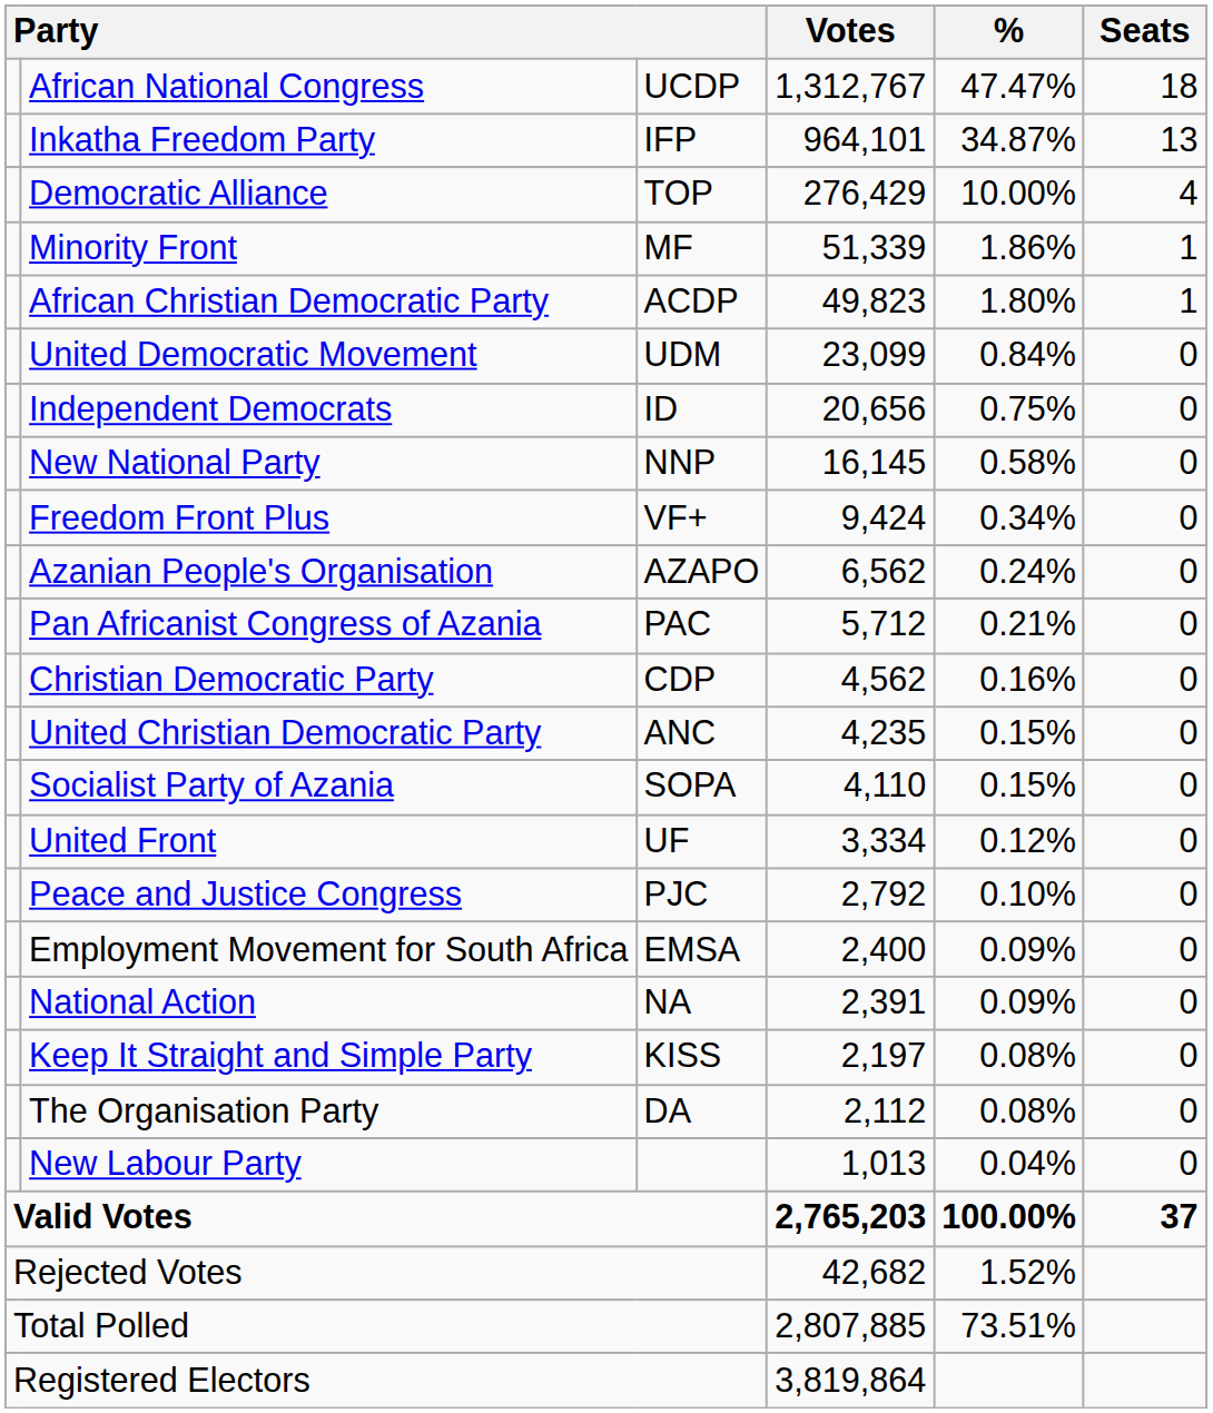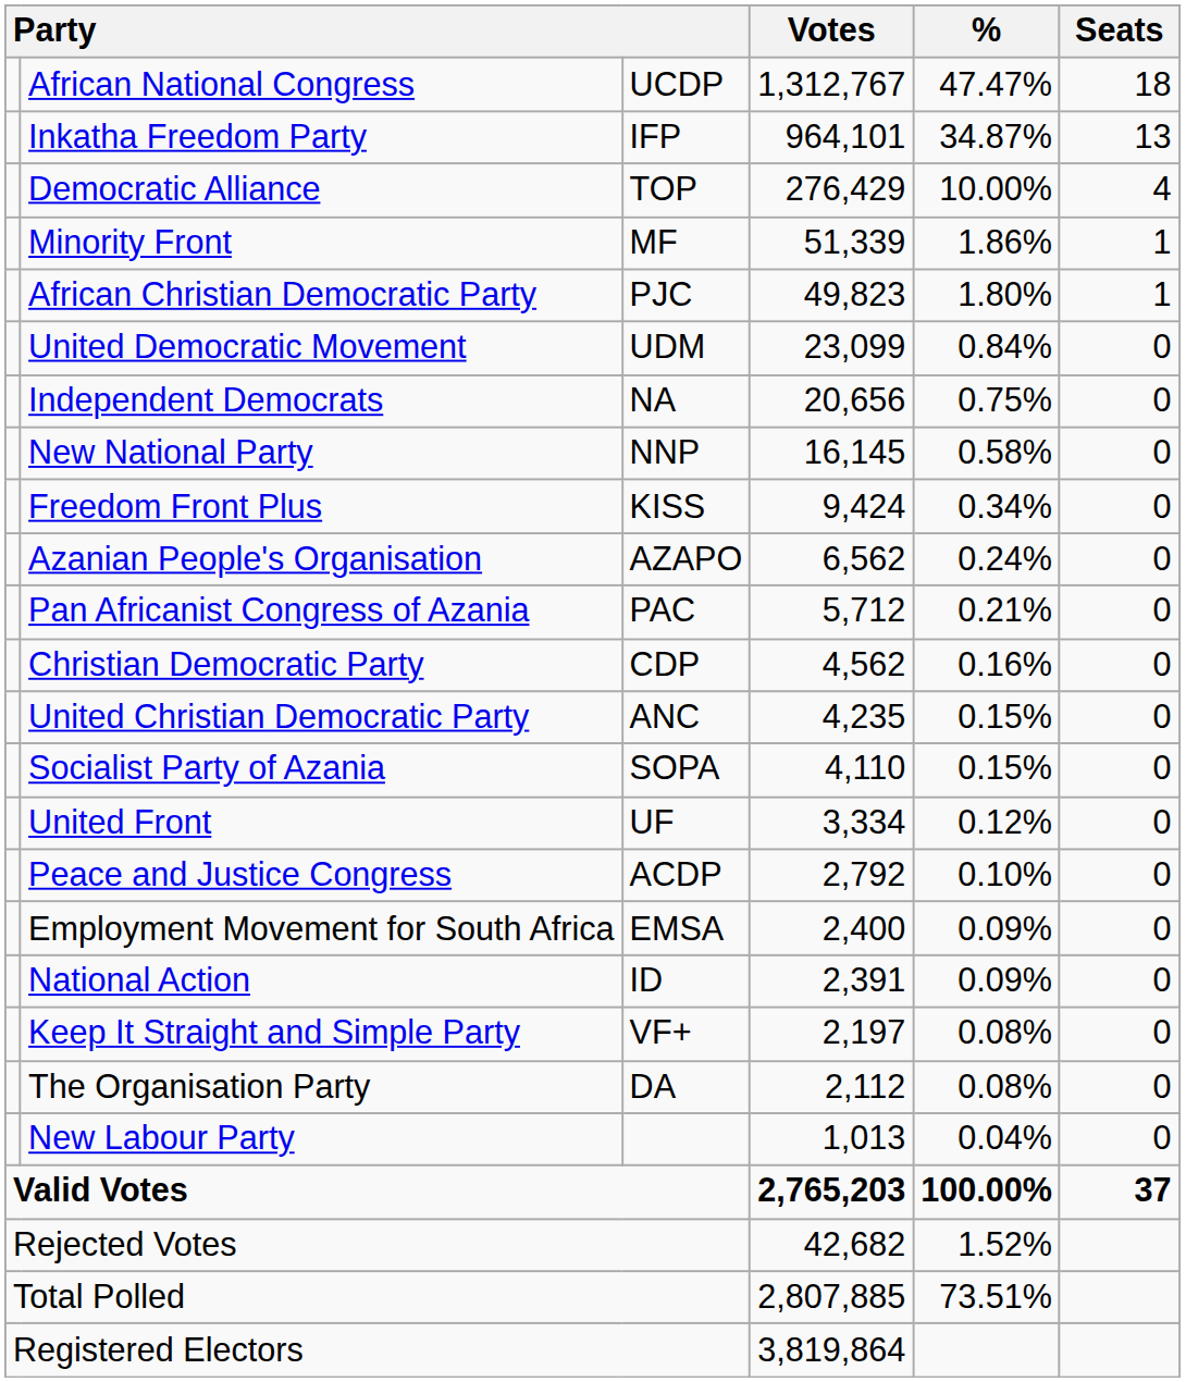 <table class="wikitable" border="1" style="text-align:right">
 <tr>
 <th style="text-align:left;" colspan=3>Party</th>
 <th align=center width="50">Votes</th>
 <th align=center width="50">%</th>
 <th align=center width="50">Seats</th>
 </tr>
 <tr>
 <td style="background:"></td>
 <td align=left><a href='#'>African National Congress</a></td>
 <td align=left>UCDP</td>
 <td>1,312,767</td>
 <td>47.47%</td>
 <td>18</td>
 </tr>
 <tr>
 <td style="background:"></td>
 <td align=left><a href='#'>Inkatha Freedom Party</a></td>
 <td align=left>IFP</td>
 <td>964,101</td>
 <td>34.87%</td>
 <td>13</td>
 </tr>
 <tr>
 <td style="background:"></td>
 <td align=left><a href='#'>Democratic Alliance</a></td>
 <td align=left>TOP</td>
 <td>276,429</td>
 <td>10.00%</td>
 <td>4</td>
 </tr>
 <tr>
 <td style="background:"></td>
 <td align=left><a href='#'>Minority Front</a></td>
 <td align=left>MF</td>
 <td>51,339</td>
 <td>1.86%</td>
 <td>1</td>
 </tr>
 <tr>
 <td style="background:"></td>
 <td align=left><a href='#'>African Christian Democratic Party</a></td>
-<td align=left>ACDP</td>
+<td align=left>PJC</td>
 <td>49,823</td>
 <td>1.80%</td>
 <td>1</td>
 </tr>
 <tr>
 <td style="background:"></td>
 <td align=left><a href='#'>United Democratic Movement</a></td>
 <td align=left>UDM</td>
 <td>23,099</td>
 <td>0.84%</td>
 <td>0</td>
 </tr>
 <tr>
 <td style="background:"></td>
 <td align=left><a href='#'>Independent Democrats</a></td>
-<td align=left>ID</td>
+<td align=left>NA</td>
 <td>20,656</td>
 <td>0.75%</td>
 <td>0</td>
 </tr>
 <tr>
 <td style="background:"></td>
 <td align=left><a href='#'>New National Party</a></td>
 <td align=left>NNP</td>
 <td>16,145</td>
 <td>0.58%</td>
 <td>0</td>
 </tr>
 <tr>
 <td style="background:"></td>
 <td align=left><a href='#'>Freedom Front Plus</a></td>
-<td align=left>VF+</td>
+<td align=left>KISS</td>
 <td>9,424</td>
 <td>0.34%</td>
 <td>0</td>
 </tr>
 <tr>
 <td style="background:"></td>
 <td align=left><a href='#'>Azanian People's Organisation</a></td>
 <td align=left>AZAPO</td>
 <td>6,562</td>
 <td>0.24%</td>
 <td>0</td>
 </tr>
 <tr>
 <td style="background:"></td>
 <td align=left><a href='#'>Pan Africanist Congress of Azania</a></td>
 <td align=left>PAC</td>
 <td>5,712</td>
 <td>0.21%</td>
 <td>0</td>
 </tr>
 <tr>
 <td style="background:"></td>
 <td align=left><a href='#'>Christian Democratic Party</a></td>
 <td align=left>CDP</td>
 <td>4,562</td>
 <td>0.16%</td>
 <td>0</td>
 </tr>
 <tr>
 <td style="background:"></td>
 <td align=left><a href='#'>United Christian Democratic Party</a></td>
 <td align=left>ANC</td>
 <td>4,235</td>
 <td>0.15%</td>
 <td>0</td>
 </tr>
 <tr>
 <td style="background:"></td>
 <td align=left><a href='#'>Socialist Party of Azania</a></td>
 <td align=left>SOPA</td>
 <td>4,110</td>
 <td>0.15%</td>
 <td>0</td>
 </tr>
 <tr>
 <td></td>
 <td align=left><a href='#'>United Front</a></td>
 <td align=left>UF</td>
 <td>3,334</td>
 <td>0.12%</td>
 <td>0</td>
 </tr>
 <tr>
 <td></td>
 <td align=left><a href='#'>Peace and Justice Congress</a></td>
-<td align=left>PJC</td>
+<td align=left>ACDP</td>
 <td>2,792</td>
 <td>0.10%</td>
 <td>0</td>
 </tr>
 <tr>
 <td></td>
 <td align=left>Employment Movement for South Africa</td>
 <td align=left>EMSA</td>
 <td>2,400</td>
 <td>0.09%</td>
 <td>0</td>
 </tr>
 <tr>
 <td></td>
 <td align=left><a href='#'>National Action</a></td>
-<td align=left>NA</td>
+<td align=left>ID</td>
 <td>2,391</td>
 <td>0.09%</td>
 <td>0</td>
 </tr>
 <tr>
 <td style="background:"></td>
 <td align=left><a href='#'>Keep It Straight and Simple Party</a></td>
-<td align=left>KISS</td>
+<td align=left>VF+</td>
 <td>2,197</td>
 <td>0.08%</td>
 <td>0</td>
 </tr>
 <tr>
 <td></td>
 <td align=left>The Organisation Party</td>
 <td align=left>DA</td>
 <td>2,112</td>
 <td>0.08%</td>
 <td>0</td>
 </tr>
 <tr>
 <td></td>
 <td align=left><a href='#'>New Labour Party</a></td>
 <td></td>
 <td>1,013</td>
 <td>0.04%</td>
 <td>0</td>
 </tr>
 <tr style="font-weight:bold">
 <td align=left colspan=3>Valid Votes</td>
 <td>2,765,203</td>
 <td>100.00%</td>
 <td>37</td>
 </tr>
 <tr>
 <td align=left colspan=3>Rejected Votes</td>
 <td>42,682</td>
 <td>1.52%</td>
 <td></td>
 </tr>
 <tr>
 <td align=left colspan=3>Total Polled</td>
 <td>2,807,885</td>
 <td>73.51%</td>
 <td></td>
 </tr>
 <tr>
 <td align=left colspan=3>Registered Electors</td>
 <td>3,819,864</td>
 <td></td>
 <td></td>
 </tr>
 </table>
